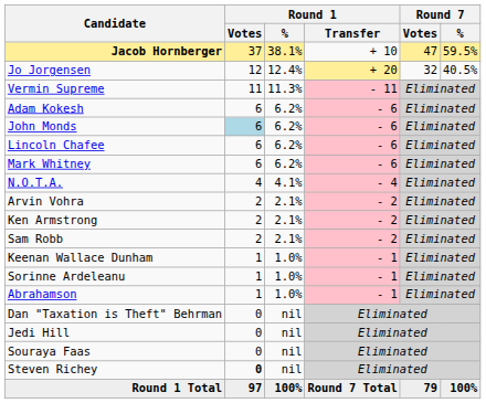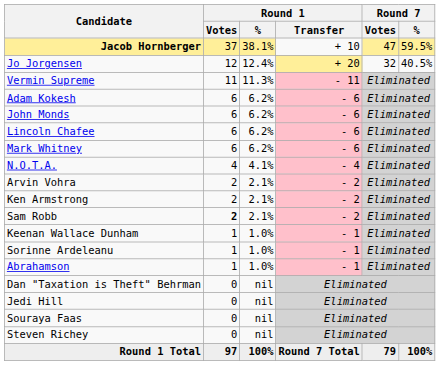 <table class="wikitable" style="text-align:right;">
 <tr>
 <th rowspan="2">Candidate</th>
 <th colspan="3">Round 1</th>
 <th colspan="3">Round 7</th>
 </tr>
 <tr>
 <th>Votes</th>
 <th>%</th>
 <th>Transfer</th>
 <th>Votes</th>
 <th>%</th>
 </tr>
 <tr>
 <td style="background:#ffef99;"><strong>Jacob Hornberger</strong></td>
 <td style="background:#ffef99;">37</td>
 <td style="background:#ffef99;">38.1%</td>
 <td>+ 10</td>
 <td style="background:#ffef99;">47</td>
 <td style="background:#ffef99;">59.5%</td>
 </tr>
 <tr>
 <td style="text-align:left;"><a href='#'>Jo Jorgensen</a></td>
 <td>12</td>
 <td>12.4%</td>
 <td style="background:#ffef99;">+ 20</td>
 <td>32</td>
 <td>40.5%</td>
 </tr>
 <tr>
 <td style="text-align:left;"><a href='#'>Vermin Supreme</a></td>
 <td>11</td>
 <td>11.3%</td>
 <td BGCOLOR=pink>- 11</td>
 <td colspan="8" bgcolor="lightgray" align="center"><em>Eliminated</em></td>
 </tr>
 <tr>
 <td style="text-align:left;"><a href='#'>Adam Kokesh</a></td>
 <td>6</td>
 <td>6.2%</td>
 <td BGCOLOR=pink>- 6</td>
 <td colspan="8" bgcolor="lightgray" align="center"><em>Eliminated</em></td>
 </tr>
 <tr>
 <td style="text-align:left;"><a href='#'>John Monds</a></td>
-<td style="background: lightblue;">6</td>
+<td>6</td>
 <td>6.2%</td>
 <td BGCOLOR=pink>- 6</td>
 <td colspan="8" bgcolor="lightgray" align="center"><em>Eliminated</em></td>
 </tr>
 <tr>
 <td style="text-align:left;"><a href='#'>Lincoln Chafee</a></td>
 <td>6</td>
 <td>6.2%</td>
 <td BGCOLOR=pink>- 6</td>
 <td colspan="8" bgcolor="lightgray" align="center"><em>Eliminated</em></td>
 </tr>
 <tr>
 <td style="text-align:left;"><a href='#'>Mark Whitney</a></td>
 <td>6</td>
 <td>6.2%</td>
 <td BGCOLOR=pink>- 6</td>
 <td colspan="8" bgcolor="lightgray" align="center"><em>Eliminated</em></td>
 </tr>
 <tr>
 <td style="text-align:left;"><a href='#'>N.O.T.A.</a></td>
 <td>4</td>
 <td>4.1%</td>
 <td BGCOLOR=pink>- 4</td>
 <td colspan="8" bgcolor="lightgray" align="center"><em>Eliminated</em></td>
 </tr>
 <tr>
 <td style="text-align:left;">Arvin Vohra</td>
 <td>2</td>
 <td>2.1%</td>
 <td BGCOLOR=pink>- 2</td>
 <td colspan="8" bgcolor="lightgray" align="center"><em>Eliminated</em></td>
 </tr>
 <tr>
 <td style="text-align:left;">Ken Armstrong</td>
 <td>2</td>
 <td>2.1%</td>
 <td BGCOLOR=pink>- 2</td>
 <td colspan="8" bgcolor="lightgray" align="center"><em>Eliminated</em></td>
 </tr>
 <tr>
 <td style="text-align:left;">Sam Robb</td>
-<td>2</td>
+<td><strong>2</strong></td>
 <td>2.1%</td>
 <td BGCOLOR=pink>- 2</td>
 <td colspan="8" bgcolor="lightgray" align="center"><em>Eliminated</em></td>
 </tr>
 <tr>
 <td style="text-align:left;">Keenan Wallace Dunham</td>
 <td>1</td>
 <td>1.0%</td>
 <td BGCOLOR=pink>- 1</td>
 <td colspan="8" bgcolor="lightgray" align="center"><em>Eliminated</em></td>
 </tr>
 <tr>
 <td style="text-align:left;">Sorinne Ardeleanu</td>
 <td>1</td>
 <td>1.0%</td>
 <td BGCOLOR=pink>- 1</td>
 <td colspan="8" bgcolor="lightgray" align="center"><em>Eliminated</em></td>
 </tr>
 <tr>
 <td style="text-align:left;"><a href='#'>Abrahamson</a> </td>
 <td>1</td>
 <td>1.0%</td>
 <td BGCOLOR=pink>- 1</td>
 <td colspan="8" bgcolor="lightgray" align="center"><em>Eliminated</em></td>
 </tr>
 <tr>
 <td style="text-align:left;">Dan "Taxation is Theft" Behrman</td>
 <td>0</td>
 <td>nil</td>
 <td colspan="8" bgcolor="lightgray" align="center"><em>Eliminated</em></td>
 </tr>
 <tr>
 <td style="text-align:left;">Jedi Hill</td>
 <td>0</td>
 <td>nil</td>
 <td colspan="8" bgcolor="lightgray" align="center"><em>Eliminated</em></td>
 </tr>
 <tr>
 <td style="text-align:left;">Souraya Faas</td>
 <td>0</td>
 <td>nil</td>
 <td colspan="8" bgcolor="lightgray" align="center"><em>Eliminated</em></td>
 </tr>
 <tr>
 <td style="text-align:left;">Steven Richey</td>
-<td><strong>0</strong></td>
+<td>0</td>
 <td>nil</td>
 <td colspan="8" bgcolor="lightgray" align="center"><em>Eliminated</em></td>
 </tr>
 <tr style="background:#eee;">
 <td style="margin-right:0.50px"><strong>Round 1 Total</strong></td>
 <td style="margin-right:0.50px"><strong>97</strong></td>
 <td style="margin-right:0.50px"><strong>100%</strong></td>
 <td style="margin-right:0.50px"><strong>Round 7 Total</strong></td>
 <td style="margin-right:0.50px"><strong>79</strong></td>
 <td style="margin-right:0.50px"><strong>100%</strong></td>
 </tr>
 </table>
